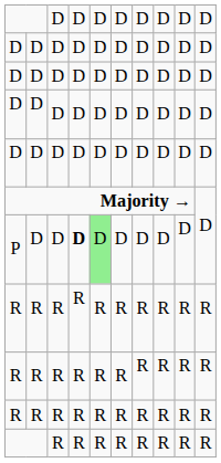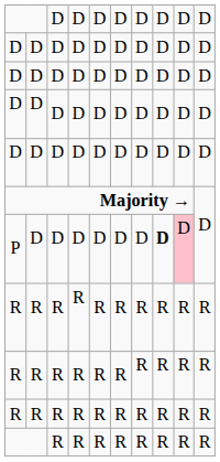 <table class="wikitable" style="text-align:center">
 <tr>
 <td colspan=2> </td>
 <td>D</td>
 <td>D</td>
 <td>D</td>
 <td>D</td>
 <td>D</td>
 <td>D</td>
 <td>D</td>
 <td>D</td>
 </tr>
 <tr>
 <td width=10% >D</td>
 <td width=10% >D</td>
 <td width=10% >D</td>
 <td width=10% >D</td>
 <td width=10% >D</td>
 <td width=10% >D</td>
 <td width=10% >D</td>
 <td width=10% >D</td>
 <td width=10% >D</td>
 <td width=10% >D</td>
 </tr>
 <tr>
 <td>D</td>
 <td>D</td>
 <td>D</td>
 <td>D</td>
 <td>D</td>
 <td>D</td>
 <td>D</td>
 <td>D</td>
 <td>D</td>
 <td>D</td>
 </tr>
 <tr>
 <td>D<br><br></td>
 <td>D<br><br></td>
 <td>D</td>
 <td>D</td>
 <td>D</td>
 <td>D</td>
 <td>D</td>
 <td>D</td>
 <td>D</td>
 <td>D</td>
 </tr>
 <tr>
 <td>D<br><br></td>
 <td>D<br><br></td>
 <td>D<br><br></td>
 <td>D<br><br></td>
 <td>D<br><br></td>
 <td>D<br><br></td>
 <td>D<br><br></td>
 <td>D<br><br></td>
 <td>D<br><br></td>
 <td>D<br><br></td>
 </tr>
 <tr>
 <td colspan=9 align=right><strong>Majority →</strong></td>
 <td rowspan=2 >D<br><br></td>
 </tr>
 <tr>
 <td>P</td>
 <td>D<br><br></td>
 <td>D<br><br></td>
-<td><strong>D<br><br></strong></td>
-<td style="background: lightgreen;">D<br><br></td>
 <td>D<br><br></td>
 <td>D<br><br></td>
 <td>D<br><br></td>
-<td>D<br><br><br></td>
+<td>D<br><br></td>
+<td><strong>D<br><br></strong></td>
+<td style="background: pink;">D<br><br><br></td>
 </tr>
 <tr>
 <td>R<br><br></td>
 <td>R<br><br></td>
 <td>R<br><br></td>
 <td>R<br><br><br></td>
 <td>R<br><br></td>
 <td>R<br><br></td>
 <td>R<br><br></td>
 <td>R<br><br></td>
 <td>R<br><br></td>
 <td>R<br><br></td>
 </tr>
 <tr>
 <td>R</td>
 <td>R</td>
 <td>R</td>
 <td>R</td>
 <td>R</td>
 <td>R</td>
 <td>R<br><br></td>
 <td>R<br><br></td>
 <td>R<br><br></td>
 <td>R<br><br></td>
 </tr>
 <tr>
 <td>R</td>
 <td>R</td>
 <td>R</td>
 <td>R</td>
 <td>R</td>
 <td>R</td>
 <td>R</td>
 <td>R</td>
 <td>R</td>
 <td>R</td>
 </tr>
 <tr>
 <td colspan=2></td>
 <td>R</td>
 <td>R</td>
 <td>R</td>
 <td>R</td>
 <td>R</td>
 <td>R</td>
 <td>R</td>
 <td>R</td>
 </tr>
 </table>
